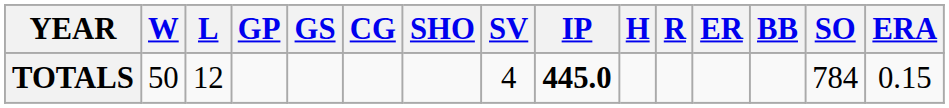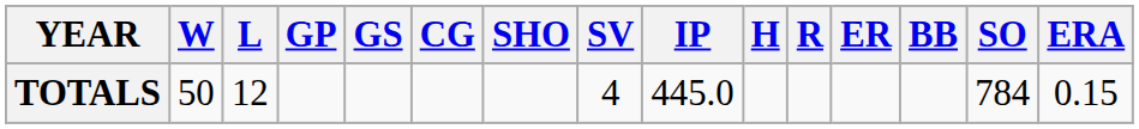 <table class="wikitable" style="text-align:center;">
 <tr>
 <th>YEAR</th>
 <th><a href='#'>W</a></th>
 <th><a href='#'>L</a></th>
 <th><a href='#'>GP</a></th>
 <th><a href='#'>GS</a></th>
 <th><a href='#'>CG</a></th>
 <th><a href='#'>SHO</a></th>
 <th><a href='#'>SV</a></th>
 <th><a href='#'>IP</a></th>
 <th><a href='#'>H</a></th>
 <th><a href='#'>R</a></th>
 <th><a href='#'>ER</a></th>
 <th><a href='#'>BB</a></th>
 <th><a href='#'>SO</a></th>
 <th><a href='#'>ERA</a></th>
 </tr>
 <tr>
 <th><strong>TOTALS</strong></th>
 <td>50</td>
 <td>12</td>
 <td></td>
 <td></td>
 <td></td>
 <td></td>
 <td>4</td>
-<td><strong>445.0</strong></td>
+<td>445.0</td>
 <td></td>
 <td></td>
 <td></td>
 <td></td>
 <td>784</td>
 <td>0.15</td>
 </tr>
 </table>
